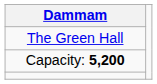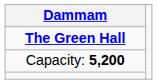 <table class="wikitable" style="margin:1em auto; text-align:center" align=center>
 <tr>
 <th><a href='#'>Dammam</a></th>
 <td rowspan=6></td>
 </tr>
 <tr>
-<td width=150px><a href='#'>The Green Hall</a></td>
+<td width=150px><strong><a href='#'>The Green Hall</a></strong></td>
 </tr>
 <tr>
 <td>Capacity: <strong>5,200</strong> <strong> </strong></td>
 </tr>
 <tr>
 <td></td>
 </tr>
 </table>
